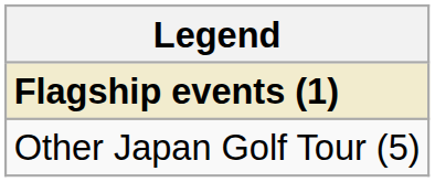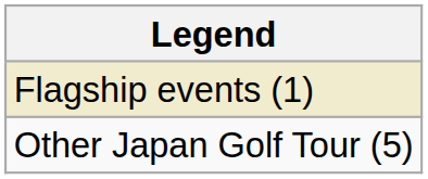 <table class="wikitable" style="font-size:95%;">
 <tr>
 <th>Legend</th>
 </tr>
 <tr style="background:#f2ecce;">
-<td><strong>Flagship events (1)</strong></td>
+<td>Flagship events (1)</td>
 </tr>
 <tr>
 <td>Other Japan Golf Tour (5)</td>
 </tr>
 </table>
